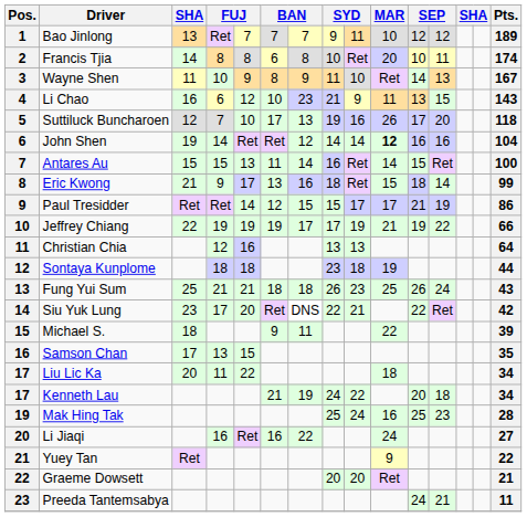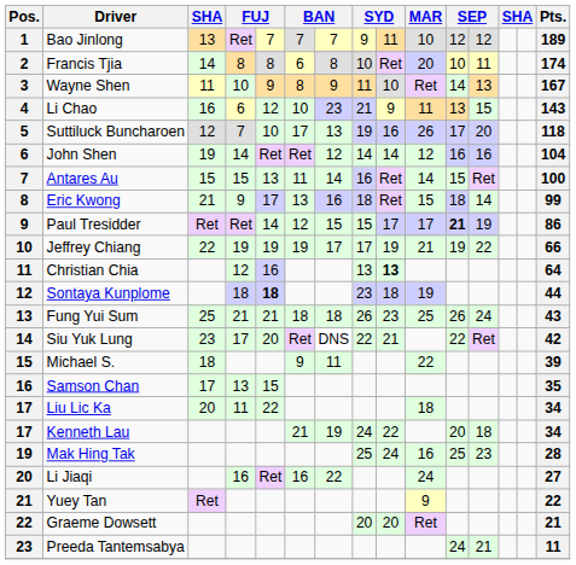 <table class="wikitable" style="font-size: 85%; text-align: center;">
 <tr>
 <th>Pos.</th>
 <th>Driver</th>
 <th colspan="1"><a href='#'>SHA</a><br></th>
 <th colspan="2"><a href='#'>FUJ</a><br></th>
 <th colspan="2"><a href='#'>BAN</a><br></th>
 <th colspan="2"><a href='#'>SYD</a><br></th>
 <th colspan="1"><a href='#'>MAR</a><br></th>
 <th colspan="2"><a href='#'>SEP</a><br></th>
 <th colspan="2"><a href='#'>SHA</a><br></th>
 <th>Pts.</th>
 </tr>
 <tr>
 <th>1</th>
 <td align="left"> Bao Jinlong</td>
 <td style="background:#ffdf9f;">13</td>
 <td style="background:#efcfff;">Ret</td>
 <td style="background:#ffffbf;">7</td>
 <td style="background:#dfdfdf;">7</td>
 <td style="background:#ffffbf;">7</td>
 <td style="background:#ffffbf;">9</td>
 <td style="background:#ffdf9f;">11</td>
 <td style="background:#dfdfdf;">10</td>
 <td style="background:#dfdfdf;">12</td>
 <td style="background:#dfdfdf;">12</td>
 <td></td>
 <td></td>
 <th>189</th>
 </tr>
 <tr>
 <th>2</th>
 <td align="left"> Francis Tjia</td>
 <td style="background:#dfffdf;">14</td>
 <td style="background:#ffdf9f;">8</td>
 <td style="background:#dfdfdf;">8</td>
 <td style="background:#ffffbf;">6</td>
 <td style="background:#dfdfdf;">8</td>
 <td style="background:#dfdfdf;">10</td>
 <td style="background:#efcfff;">Ret</td>
 <td style="background:#cfcfff;">20</td>
 <td style="background:#ffffbf;">10</td>
 <td style="background:#ffffbf;">11</td>
 <td></td>
 <td></td>
 <th>174</th>
 </tr>
 <tr>
 <th>3</th>
 <td align="left"> Wayne Shen</td>
 <td style="background:#ffffbf;">11</td>
 <td style="background:#dfffdf;">10</td>
 <td style="background:#ffdf9f;">9</td>
 <td style="background:#ffdf9f;">8</td>
 <td style="background:#ffdf9f;">9</td>
 <td style="background:#ffdf9f;">11</td>
 <td style="background:#dfdfdf;">10</td>
 <td style="background:#efcfff;">Ret</td>
 <td style="background:#dfffdf;">14</td>
 <td style="background:#ffdf9f;">13</td>
 <td></td>
 <td></td>
 <th>167</th>
 </tr>
 <tr>
 <th>4</th>
 <td align="left"> Li Chao</td>
 <td style="background:#dfffdf;">16</td>
 <td style="background:#ffffbf;">6</td>
 <td style="background:#dfffdf;">12</td>
 <td style="background:#dfffdf;">10</td>
 <td style="background:#cfcfff;">23</td>
 <td style="background:#cfcfff;">21</td>
 <td style="background:#ffffbf;">9</td>
 <td style="background:#ffdf9f;">11</td>
 <td style="background:#ffdf9f;">13</td>
 <td style="background:#dfffdf;">15</td>
 <td></td>
 <td></td>
 <th>143</th>
 </tr>
 <tr>
 <th>5</th>
 <td align="left"> Suttiluck Buncharoen</td>
 <td style="background:#dfdfdf;">12</td>
 <td style="background:#dfdfdf;">7</td>
 <td style="background:#dfffdf;">10</td>
 <td style="background:#dfffdf;">17</td>
 <td style="background:#dfffdf;">13</td>
 <td style="background:#cfcfff;">19</td>
 <td style="background:#cfcfff;">16</td>
 <td style="background:#cfcfff;">26</td>
 <td style="background:#cfcfff;">17</td>
 <td style="background:#cfcfff;">20</td>
 <td></td>
 <td></td>
 <th>118</th>
 </tr>
 <tr>
 <th>6</th>
 <td align="left"> John Shen</td>
 <td style="background:#dfffdf;">19</td>
 <td style="background:#dfffdf;">14</td>
 <td style="background:#efcfff;">Ret</td>
 <td style="background:#efcfff;">Ret</td>
 <td style="background:#dfffdf;">12</td>
 <td style="background:#dfffdf;">14</td>
 <td style="background:#dfffdf;">14</td>
-<td style="background:#dfffdf;"><strong>12</strong></td>
+<td style="background:#dfffdf;">12</td>
 <td style="background:#cfcfff;">16</td>
 <td style="background:#cfcfff;">16</td>
 <td></td>
 <td></td>
 <th>104</th>
 </tr>
 <tr>
 <th>7</th>
 <td align="left"> <a href='#'>Antares Au</a></td>
 <td style="background:#dfffdf;">15</td>
 <td style="background:#dfffdf;">15</td>
 <td style="background:#dfffdf;">13</td>
 <td style="background:#dfffdf;">11</td>
 <td style="background:#dfffdf;">14</td>
 <td style="background:#cfcfff;">16</td>
 <td style="background:#efcfff;">Ret</td>
 <td style="background:#dfffdf;">14</td>
 <td style="background:#dfffdf;">15</td>
 <td style="background:#efcfff;">Ret</td>
 <td></td>
 <td></td>
 <th>100</th>
 </tr>
 <tr>
 <th>8</th>
 <td align="left"> <a href='#'>Eric Kwong</a></td>
 <td style="background:#dfffdf;">21</td>
 <td style="background:#dfffdf;">9</td>
 <td style="background:#cfcfff;">17</td>
 <td style="background:#dfffdf;">13</td>
 <td style="background:#cfcfff;">16</td>
 <td style="background:#cfcfff;">18</td>
 <td style="background:#efcfff;">Ret</td>
 <td style="background:#dfffdf;">15</td>
 <td style="background:#cfcfff;">18</td>
 <td style="background:#dfffdf;">14</td>
 <td></td>
 <td></td>
 <th>99</th>
 </tr>
 <tr>
 <th>9</th>
 <td align="left"> Paul Tresidder</td>
 <td style="background:#efcfff;">Ret</td>
 <td style="background:#efcfff;">Ret</td>
 <td style="background:#dfffdf;">14</td>
 <td style="background:#dfffdf;">12</td>
 <td style="background:#dfffdf;">15</td>
 <td style="background:#dfffdf;">15</td>
 <td style="background:#cfcfff;">17</td>
 <td style="background:#cfcfff;">17</td>
-<td style="background:#cfcfff;">21</td>
+<td style="background:#cfcfff;"><strong>21</strong></td>
 <td style="background:#cfcfff;">19</td>
 <td></td>
 <td></td>
 <th>86</th>
 </tr>
 <tr>
 <th>10</th>
 <td align="left"> Jeffrey Chiang</td>
 <td style="background:#dfffdf;">22</td>
 <td style="background:#dfffdf;">19</td>
 <td style="background:#dfffdf;">19</td>
 <td style="background:#dfffdf;">19</td>
 <td style="background:#dfffdf;">17</td>
 <td style="background:#dfffdf;">17</td>
 <td style="background:#dfffdf;">19</td>
 <td style="background:#dfffdf;">21</td>
 <td style="background:#dfffdf;">19</td>
 <td style="background:#dfffdf;">22</td>
 <td></td>
 <td></td>
 <th>66</th>
 </tr>
 <tr>
 <th>11</th>
 <td align="left"> Christian Chia</td>
 <td></td>
 <td style="background:#dfffdf;">12</td>
 <td style="background:#cfcfff;">16</td>
 <td></td>
 <td></td>
 <td style="background:#dfffdf;">13</td>
-<td style="background:#dfffdf;">13</td>
+<td style="background:#dfffdf;"><strong>13</strong></td>
 <td></td>
 <td></td>
 <td></td>
 <td></td>
 <td></td>
 <th>64</th>
 </tr>
 <tr>
 <th>12</th>
 <td align="left"> <a href='#'>Sontaya Kunplome</a></td>
 <td></td>
 <td style="background:#cfcfff;">18</td>
-<td style="background:#cfcfff;">18</td>
+<td style="background:#cfcfff;"><strong>18</strong></td>
 <td></td>
 <td></td>
 <td style="background:#cfcfff;">23</td>
 <td style="background:#cfcfff;">18</td>
 <td style="background:#cfcfff;">19</td>
 <td></td>
 <td></td>
 <td></td>
 <td></td>
 <th>44</th>
 </tr>
 <tr>
 <th>13</th>
 <td align="left"> Fung Yui Sum</td>
 <td style="background:#dfffdf;">25</td>
 <td style="background:#dfffdf;">21</td>
 <td style="background:#dfffdf;">21</td>
 <td style="background:#dfffdf;">18</td>
 <td style="background:#dfffdf;">18</td>
 <td style="background:#dfffdf;">26</td>
 <td style="background:#dfffdf;">23</td>
 <td style="background:#dfffdf;">25</td>
 <td style="background:#dfffdf;">26</td>
 <td style="background:#dfffdf;">24</td>
 <td></td>
 <td></td>
 <th>43</th>
 </tr>
 <tr>
 <th>14</th>
 <td align="left"> Siu Yuk Lung</td>
 <td style="background:#dfffdf;">23</td>
 <td style="background:#dfffdf;">17</td>
 <td style="background:#dfffdf;">20</td>
 <td style="background:#efcfff;">Ret</td>
 <td style="background:#ffffff;">DNS</td>
 <td style="background:#dfffdf;">22</td>
 <td style="background:#dfffdf;">21</td>
 <td></td>
 <td style="background:#dfffdf;">22</td>
 <td style="background:#efcfff;">Ret</td>
 <td></td>
 <td></td>
 <th>42</th>
 </tr>
 <tr>
 <th>15</th>
 <td align="left"> Michael S.</td>
 <td style="background:#dfffdf;">18</td>
 <td></td>
 <td></td>
 <td style="background:#dfffdf;">9</td>
 <td style="background:#dfffdf;">11</td>
 <td></td>
 <td></td>
 <td style="background:#dfffdf;">22</td>
 <td></td>
 <td></td>
 <td></td>
 <td></td>
 <th>39</th>
 </tr>
 <tr>
 <th>16</th>
 <td align="left"> <a href='#'>Samson Chan</a></td>
 <td style="background:#dfffdf;">17</td>
 <td style="background:#dfffdf;">13</td>
 <td style="background:#dfffdf;">15</td>
 <td></td>
 <td></td>
 <td></td>
 <td></td>
 <td></td>
 <td></td>
 <td></td>
 <td></td>
 <td></td>
 <th>35</th>
 </tr>
 <tr>
 <th>17</th>
 <td align="left"> <a href='#'>Liu Lic Ka</a></td>
 <td style="background:#dfffdf;">20</td>
 <td style="background:#dfffdf;">11</td>
 <td style="background:#dfffdf;">22</td>
 <td></td>
 <td></td>
 <td></td>
 <td></td>
 <td style="background:#dfffdf;">18</td>
 <td></td>
 <td></td>
 <td></td>
 <td></td>
 <th>34</th>
 </tr>
 <tr>
 <th>17</th>
 <td align="left"> <a href='#'>Kenneth Lau</a></td>
 <td></td>
 <td></td>
 <td></td>
 <td style="background:#dfffdf;">21</td>
 <td style="background:#dfffdf;">19</td>
 <td style="background:#dfffdf;">24</td>
 <td style="background:#dfffdf;">22</td>
 <td></td>
 <td style="background:#dfffdf;">20</td>
 <td style="background:#dfffdf;">18</td>
 <td></td>
 <td></td>
 <th>34</th>
 </tr>
 <tr>
 <th>19</th>
 <td align="left"> <a href='#'>Mak Hing Tak</a></td>
 <td></td>
 <td></td>
 <td></td>
 <td></td>
 <td></td>
 <td style="background:#dfffdf;">25</td>
 <td style="background:#dfffdf;">24</td>
 <td style="background:#dfffdf;">16</td>
 <td style="background:#dfffdf;">25</td>
 <td style="background:#dfffdf;">23</td>
 <td></td>
 <td></td>
 <th>28</th>
 </tr>
 <tr>
 <th>20</th>
 <td align="left"> Li Jiaqi</td>
 <td></td>
 <td style="background:#dfffdf;">16</td>
 <td style="background:#efcfff;">Ret</td>
 <td style="background:#dfffdf;">16</td>
 <td style="background:#dfffdf;">22</td>
 <td></td>
 <td></td>
 <td style="background:#dfffdf;">24</td>
 <td></td>
 <td></td>
 <td></td>
 <td></td>
 <th>27</th>
 </tr>
 <tr>
 <th>21</th>
 <td align="left"> Yuey Tan</td>
 <td style="background:#efcfff;">Ret</td>
 <td></td>
 <td></td>
 <td></td>
 <td></td>
 <td></td>
 <td></td>
 <td style="background:#ffffbf;">9</td>
 <td></td>
 <td></td>
 <td></td>
 <td></td>
 <th>22</th>
 </tr>
 <tr>
 <th>22</th>
 <td align="left"> Graeme Dowsett</td>
 <td></td>
 <td></td>
 <td></td>
 <td></td>
 <td></td>
 <td style="background:#dfffdf;">20</td>
 <td style="background:#dfffdf;">20</td>
 <td style="background:#efcfff;">Ret</td>
 <td></td>
 <td></td>
 <td></td>
 <td></td>
 <th>21</th>
 </tr>
 <tr>
 <th>23</th>
 <td align="left"> Preeda Tantemsabya</td>
 <td></td>
 <td></td>
 <td></td>
 <td></td>
 <td></td>
 <td></td>
 <td></td>
 <td></td>
 <td style="background:#dfffdf;">24</td>
 <td style="background:#dfffdf;">21</td>
 <td></td>
 <td></td>
 <th>11</th>
 </tr>
 <tr>
 </tr>
 </table>
